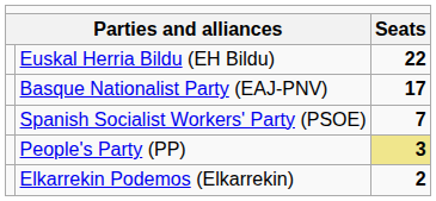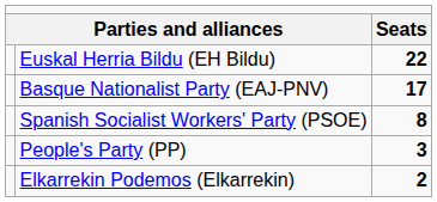 <table class="wikitable" style="text-align:right;">
 <tr>
 <td colspan="7"></td>
 </tr>
 <tr>
 <th colspan="2">Parties and alliances</th>
 <th colspan="2">Seats</th>
 </tr>
 <tr>
 <td style="color:inherit;background:"></td>
 <td align="left"><a href='#'>Euskal Herria Bildu</a> (EH Bildu)</td>
 <td><strong>22</strong></td>
 </tr>
 <tr>
 <td width="1" style="color:inherit;background:"></td>
 <td align="left"><a href='#'>Basque Nationalist Party</a> (EAJ-PNV)</td>
 <td><strong>17</strong></td>
 </tr>
 <tr>
 <td style="color:inherit;background:"></td>
 <td align="left"><a href='#'>Spanish Socialist Workers' Party</a> (PSOE)</td>
-<td><strong>7</strong></td>
+<td><strong>8</strong></td>
 </tr>
 <tr>
 <td style="color:inherit;background:"></td>
 <td align="left"><a href='#'>People's Party</a> (PP)</td>
-<td style="background: khaki;"><strong>3</strong></td>
+<td><strong>3</strong></td>
 </tr>
 <tr>
 <td style="color:inherit;background:"></td>
 <td align="left"><a href='#'>Elkarrekin Podemos</a> (Elkarrekin)</td>
 <td><strong>2</strong></td>
 </tr>
 <tr>
 </tr>
 </table>
